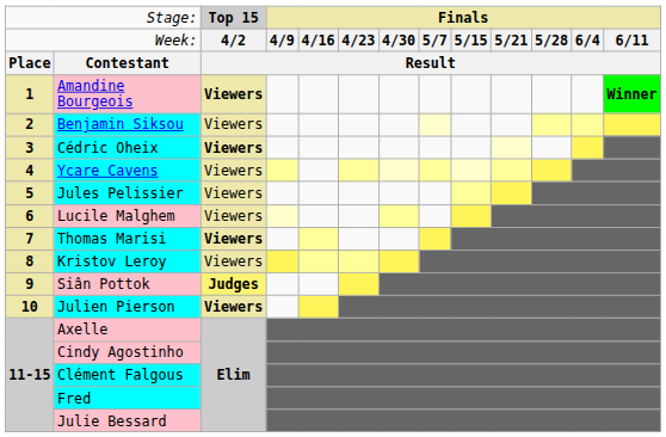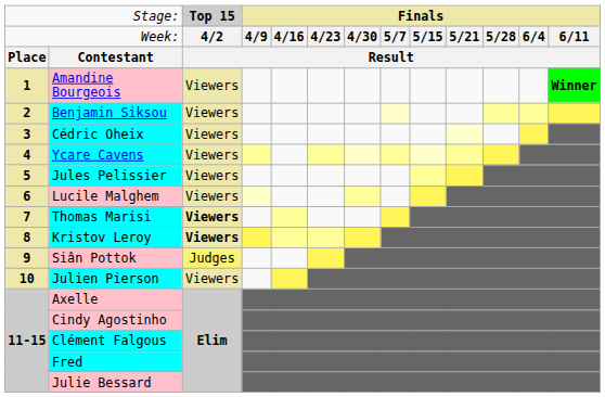 <table class="wikitable" align="left"|>
 <tr>
 <td colspan="2" align="right"><em>Stage:</em></td>
 <td bgcolor="#CCCCCC" align="center"><strong>Top 15</strong></td>
 <td colspan="10" bgcolor="palegoldenrod" align="Center"><strong>Finals</strong></td>
 </tr>
 <tr>
 <td colspan="2" align="right"><em>Week:</em></td>
 <th>4/2</th>
 <th>4/9</th>
 <th>4/16</th>
 <th>4/23</th>
 <th>4/30</th>
 <th>5/7</th>
 <th>5/15</th>
 <th>5/21</th>
 <th>5/28</th>
 <th>6/4</th>
 <th>6/11</th>
 </tr>
 <tr>
 <th>Place</th>
 <th>Contestant</th>
 <th colspan="11" align="center">Result</th>
 </tr>
 <tr>
 <td align="center"  bgcolor="palegoldenrod"><strong>1</strong></td>
 <td bgcolor="pink"><a href='#'>Amandine Bourgeois</a></td>
-<td bgcolor="palegoldenrod" align="center"><strong>Viewers</strong></td>
+<td bgcolor="palegoldenrod" align="center">Viewers</td>
 <td></td>
 <td></td>
 <td></td>
 <td></td>
 <td></td>
 <td></td>
 <td></td>
 <td></td>
 <td></td>
 <td bgcolor="lime" align="center"><strong>Winner</strong></td>
 </tr>
 <tr>
 <td align="center"  bgcolor="palegoldenrod"><strong>2</strong></td>
 <td bgcolor="cyan"><a href='#'>Benjamin Siksou</a></td>
 <td bgcolor="palegoldenrod" align="center">Viewers</td>
 <td></td>
 <td></td>
 <td></td>
 <td></td>
 <td bgcolor="#FFFFCC" align="center"></td>
 <td></td>
 <td></td>
 <td bgcolor="#FFFF99" align="center"></td>
 <td bgcolor="#FFFF99" align="center"></td>
 <td bgcolor="#FFF558" align="center"></td>
 </tr>
 <tr>
 <td align="center"  bgcolor="palegoldenrod"><strong>3</strong></td>
 <td bgcolor="cyan">Cédric Oheix</td>
-<td bgcolor="palegoldenrod" align="center"><strong>Viewers</strong></td>
+<td bgcolor="palegoldenrod" align="center">Viewers</td>
 <td></td>
 <td></td>
 <td></td>
 <td></td>
 <td></td>
 <td></td>
 <td bgcolor="#FFFFCC" align="center"></td>
 <td></td>
 <td bgcolor="#FFF558" align="center"></td>
 <td bgcolor="666666"></td>
 </tr>
 <tr>
 <td align="center"  bgcolor="palegoldenrod"><strong>4</strong></td>
 <td bgcolor="cyan"><a href='#'>Ycare Cavens</a></td>
 <td bgcolor="palegoldenrod" align="center">Viewers</td>
 <td bgcolor="#FFFF99" align="center"></td>
 <td></td>
 <td bgcolor="#FFFF99" align="center"></td>
 <td bgcolor="#FFFFCC" align="center"></td>
 <td bgcolor="#FFFF99" align="center"></td>
 <td bgcolor="#FFFFCC" align="center"></td>
 <td bgcolor="#FFFF99" align="center"></td>
 <td bgcolor="#FFF558" align="center"></td>
 <td colspan="2" bgcolor="666666"></td>
 </tr>
 <tr>
 <td align="center"  bgcolor="palegoldenrod"><strong>5</strong></td>
 <td bgcolor="cyan">Jules Pelissier</td>
 <td bgcolor="palegoldenrod" align="center">Viewers</td>
 <td></td>
 <td></td>
 <td></td>
 <td></td>
 <td></td>
 <td bgcolor="#FFFF99" align="center"></td>
 <td bgcolor="#FFF558" align="center"></td>
 <td colspan="3" bgcolor="666666"></td>
 </tr>
 <tr>
 <td align="center"  bgcolor="palegoldenrod"><strong>6</strong></td>
 <td bgcolor="pink">Lucile Malghem</td>
 <td bgcolor="palegoldenrod" align="center">Viewers</td>
 <td bgcolor="#FFFFCC" align="center"></td>
 <td></td>
 <td></td>
 <td bgcolor="#FFFF99" align="center"></td>
 <td></td>
 <td bgcolor="#FFF558" align="center"></td>
 <td colspan="4" bgcolor="666666"></td>
 </tr>
 <tr>
 <td align="center"  bgcolor="palegoldenrod"><strong>7</strong></td>
 <td bgcolor="cyan">Thomas Marisi</td>
 <td bgcolor="palegoldenrod" align="center"><strong>Viewers</strong></td>
 <td></td>
 <td bgcolor="#FFFF99" align="center"></td>
 <td></td>
 <td></td>
 <td bgcolor="#FFF558" align="center"></td>
 <td colspan="5" bgcolor="666666"></td>
 </tr>
 <tr>
 <td align="center"  bgcolor="palegoldenrod"><strong>8</strong></td>
 <td bgcolor="cyan">Kristov Leroy</td>
-<td bgcolor="palegoldenrod" align="center">Viewers</td>
+<td bgcolor="palegoldenrod" align="center"><strong>Viewers</strong></td>
 <td bgcolor="#FFF558" align="center"></td>
 <td bgcolor="#FFFF99" align="center"></td>
 <td bgcolor="#FFFF99" align="center"></td>
 <td bgcolor="#FFF558" align="center"></td>
 <td colspan="6" bgcolor="666666"></td>
 </tr>
 <tr>
 <td align="center"  bgcolor="palegoldenrod"><strong>9</strong></td>
 <td bgcolor="pink">Siân Pottok</td>
-<td bgcolor="#FBF373" align="center"><strong>Judges</strong></td>
+<td bgcolor="#FBF373" align="center">Judges</td>
 <td></td>
 <td></td>
 <td bgcolor="#FFF558" align="center"></td>
 <td colspan="7" bgcolor="666666"></td>
 </tr>
 <tr>
 <td align="center" bgcolor="palegoldenrod"><strong>10</strong></td>
 <td bgcolor="cyan">Julien Pierson</td>
-<td bgcolor="palegoldenrod" align="center"><strong>Viewers</strong></td>
+<td bgcolor="palegoldenrod" align="center">Viewers</td>
 <td></td>
 <td bgcolor="#FFF558" align="center"></td>
 <td colspan="8" bgcolor="666666"></td>
 </tr>
 <tr>
 <td align="center" bgcolor="CCCCCC" rowspan="5"><strong>11-15</strong></td>
 <td bgcolor="pink">Axelle</td>
 <td bgcolor="#CCCCCC" align="center" rowspan="5"><strong>Elim</strong></td>
 <td colspan="10" bgcolor="666666"></td>
 </tr>
 <tr>
 <td bgcolor="pink">Cindy Agostinho</td>
 <td colspan="10" bgcolor="666666"></td>
 </tr>
 <tr>
 <td bgcolor="cyan">Clément Falgous</td>
 <td colspan="10" bgcolor="666666"></td>
 </tr>
 <tr>
 <td bgcolor="cyan">Fred</td>
 <td colspan="10" bgcolor="666666"></td>
 </tr>
 <tr>
 <td bgcolor="pink">Julie Bessard</td>
 <td colspan="10" bgcolor="666666"></td>
 </tr>
 </table>
